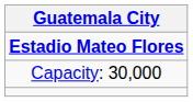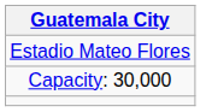 <table class="wikitable">
 <tr>
 <th><a href='#'>Guatemala City</a></th>
 </tr>
 <tr align=center>
-<td><strong><a href='#'>Estadio Mateo Flores</a></strong></td>
+<td><a href='#'>Estadio Mateo Flores</a></td>
 </tr>
 <tr align=center>
 <td><a href='#'>Capacity</a>: 30,000</td>
 </tr>
 <tr>
 <td></td>
 </tr>
 </table>
